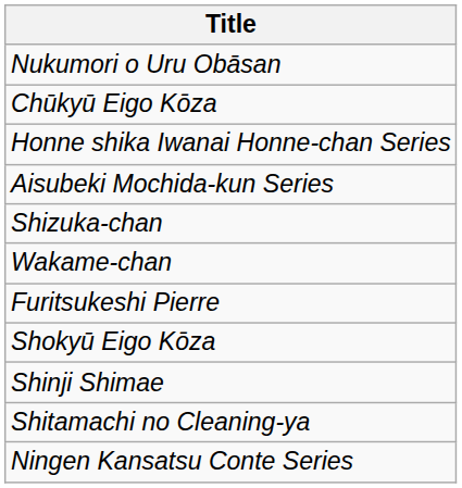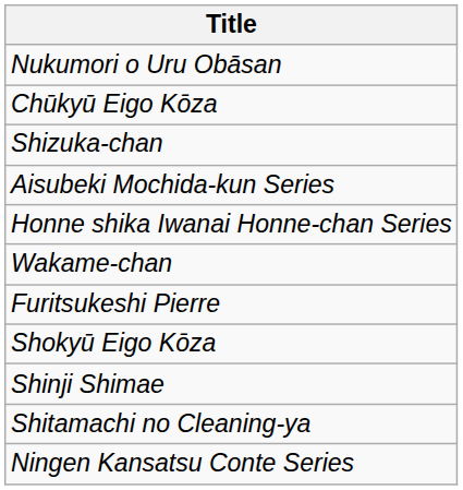 <table class="wikitable">
 <tr>
 <th>Title</th>
 </tr>
 <tr>
 <td><em>Nukumori o Uru Obāsan</em></td>
 </tr>
 <tr>
 <td><em>Chūkyū Eigo Kōza</em></td>
 </tr>
 <tr>
-<td><em>Honne shika Iwanai Honne-chan Series</em></td>
+<td><em>Shizuka-chan</em></td>
 </tr>
 <tr>
 <td><em>Aisubeki Mochida-kun Series</em></td>
 </tr>
 <tr>
-<td><em>Shizuka-chan</em></td>
+<td><em>Honne shika Iwanai Honne-chan Series</em></td>
 </tr>
 <tr>
 <td><em>Wakame-chan</em></td>
 </tr>
 <tr>
 <td><em>Furitsukeshi Pierre</em></td>
 </tr>
 <tr>
 <td><em>Shokyū Eigo Kōza</em></td>
 </tr>
 <tr>
 <td><em>Shinji Shimae</em></td>
 </tr>
 <tr>
 <td><em>Shitamachi no Cleaning-ya</em></td>
 </tr>
 <tr>
 <td><em>Ningen Kansatsu Conte Series</em></td>
 </tr>
 </table>
